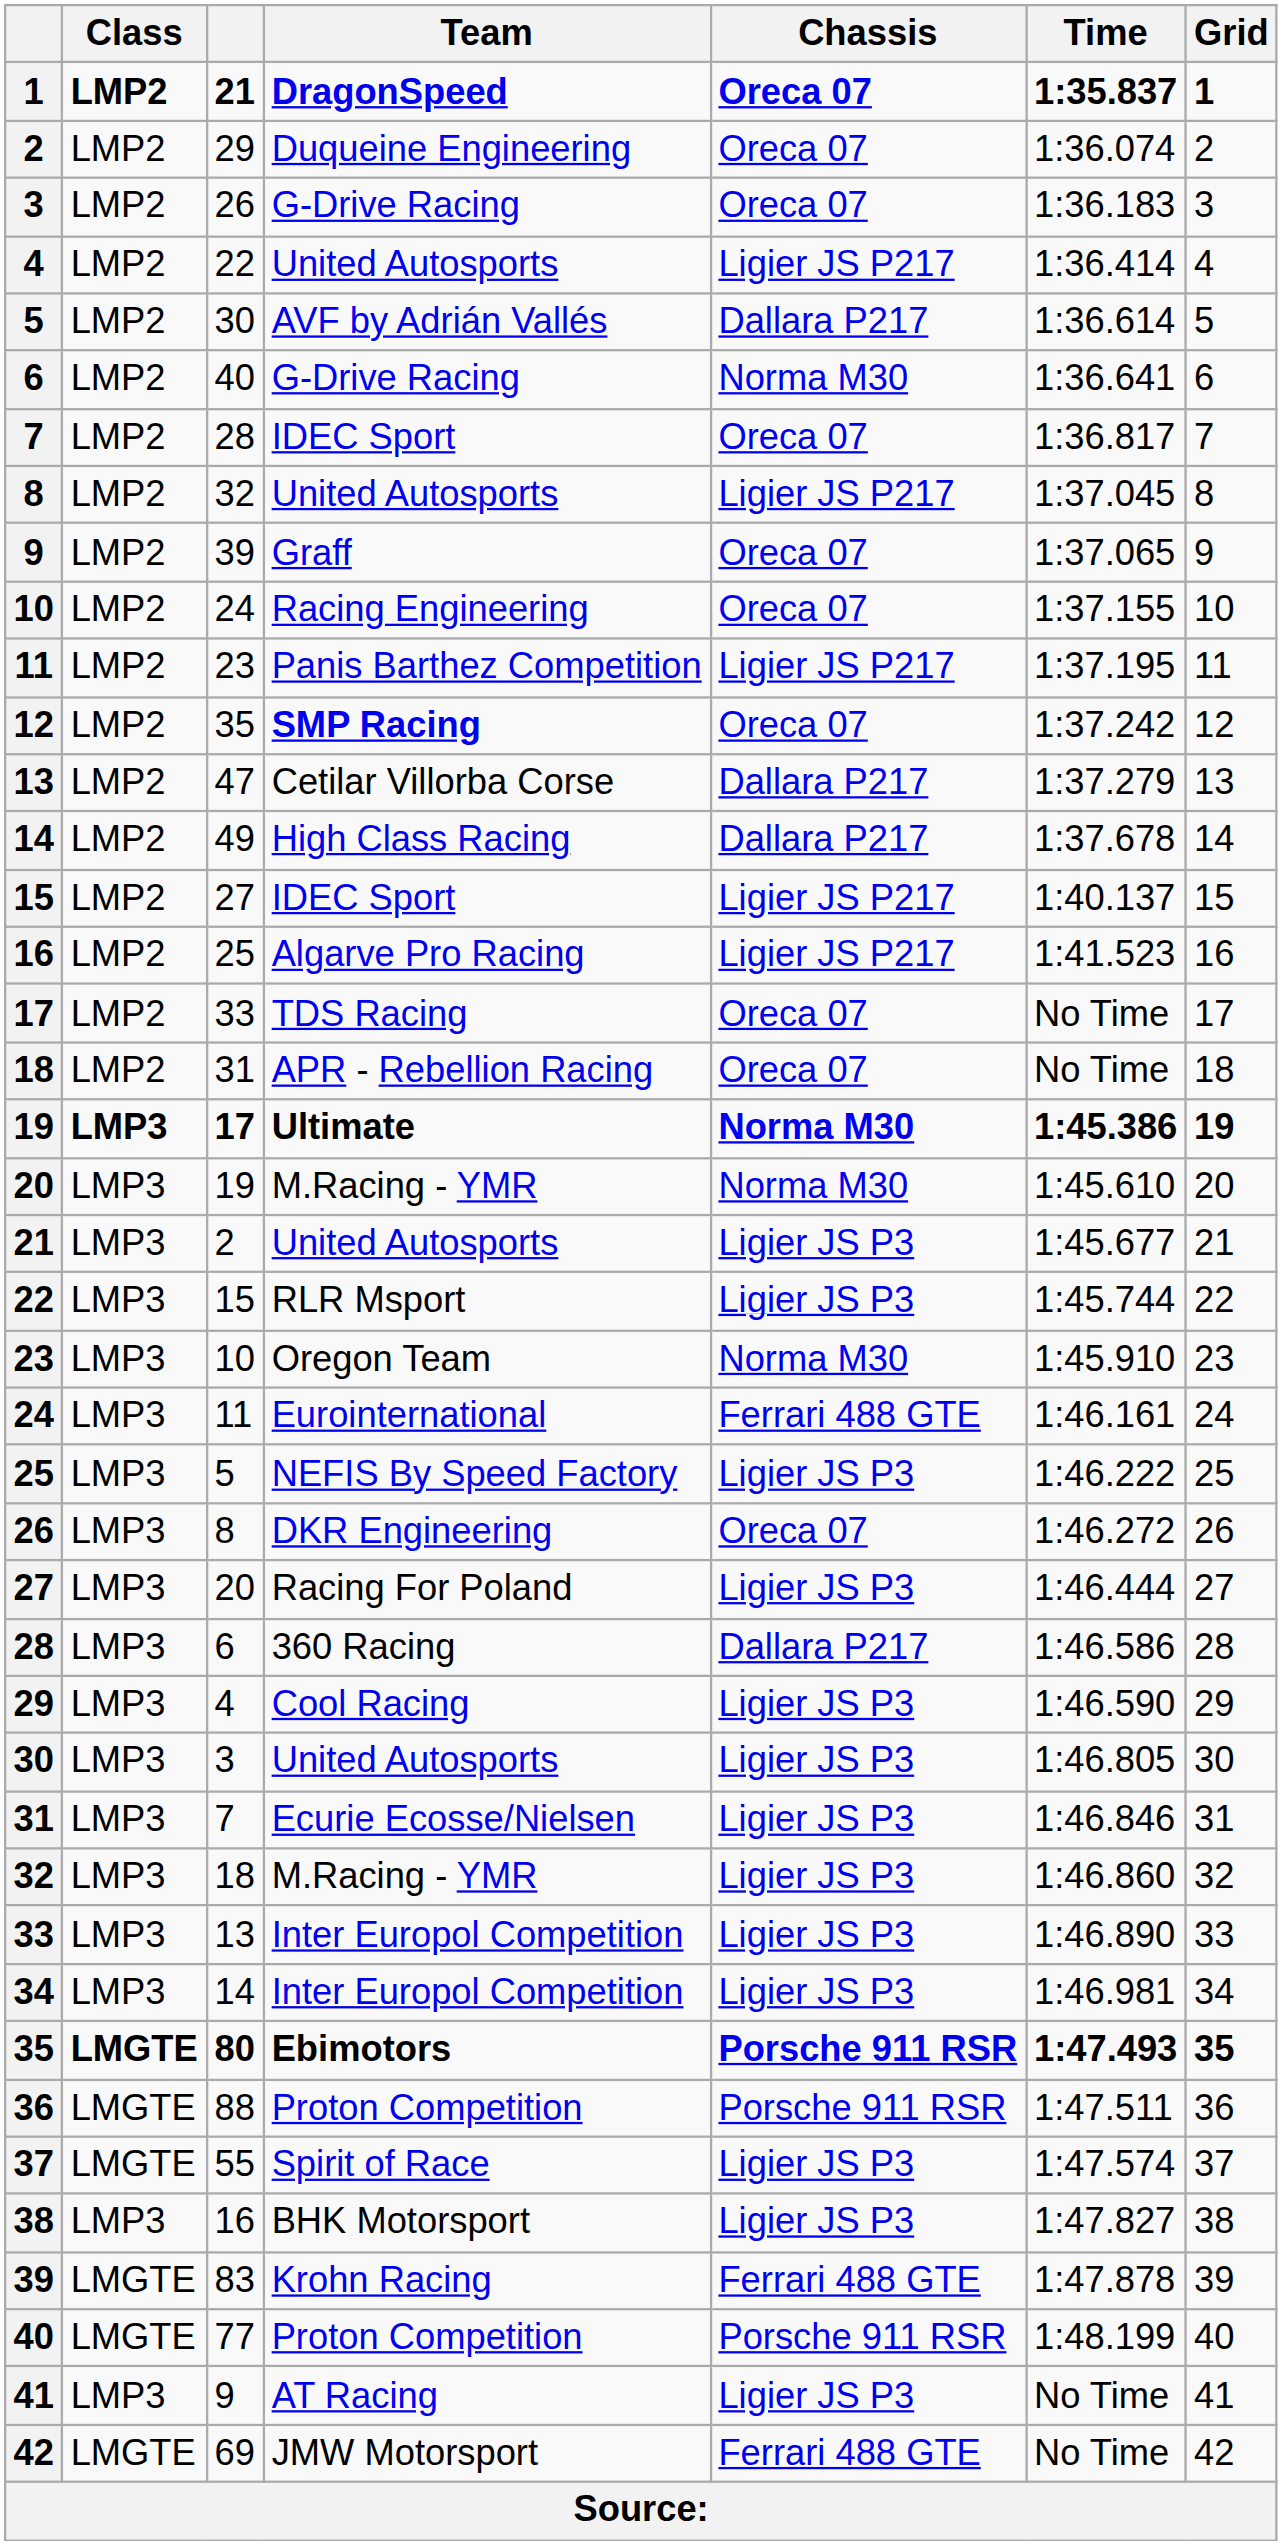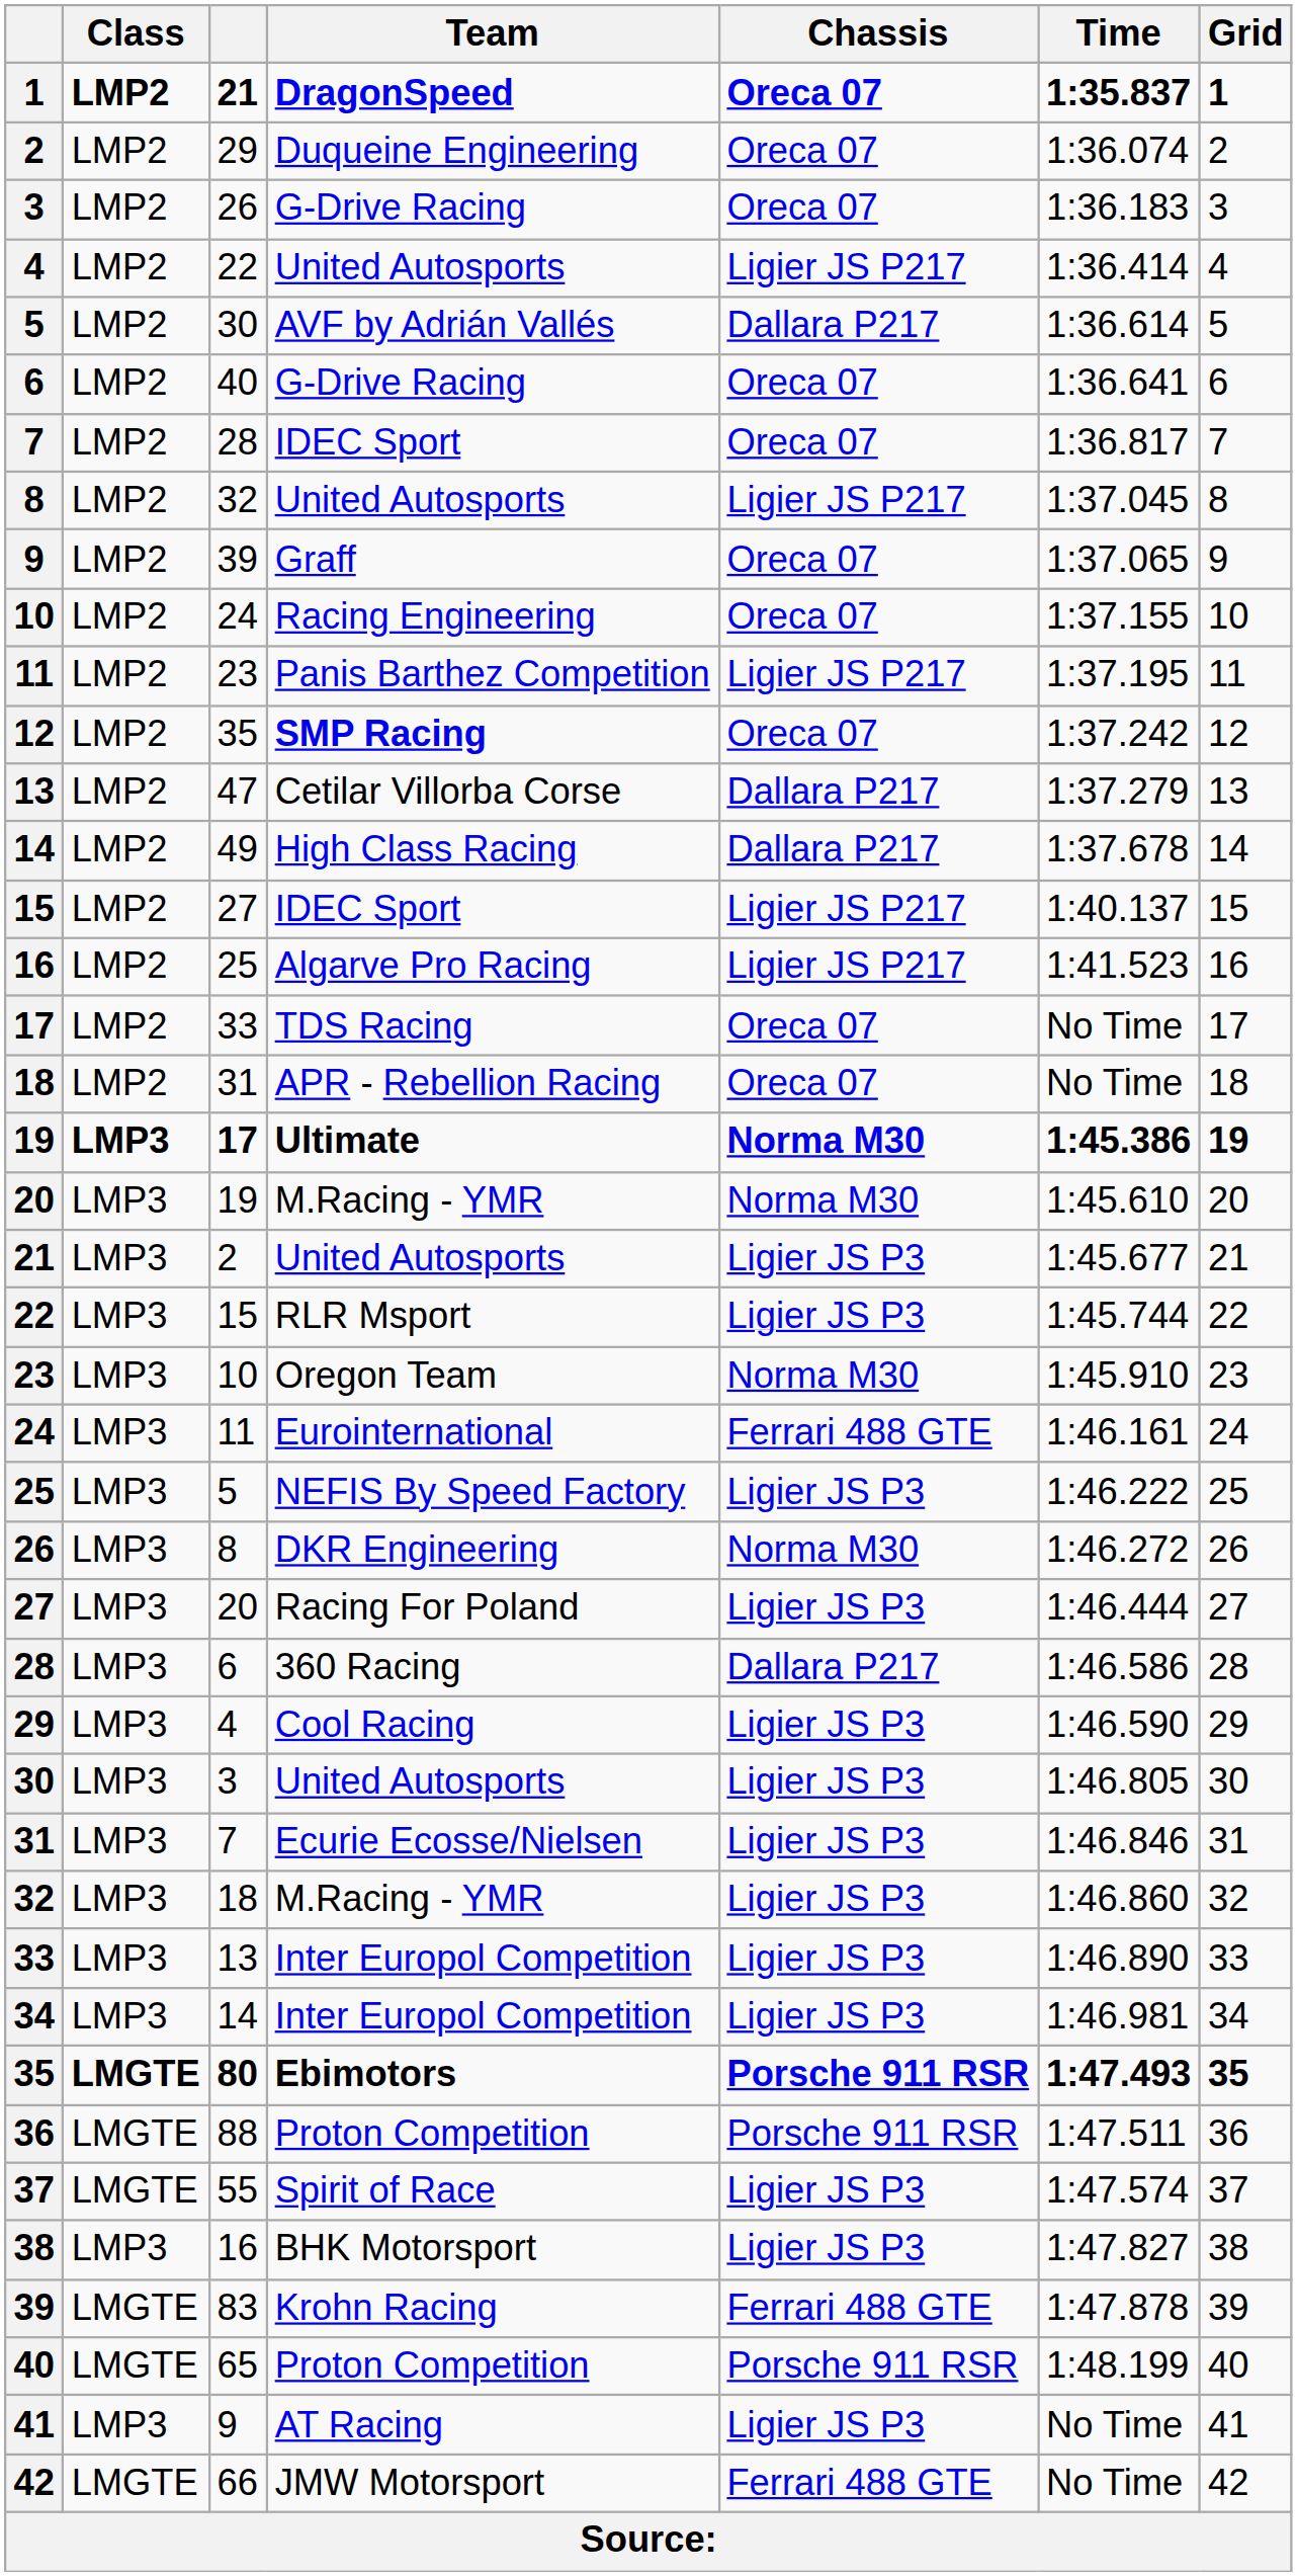 <table class="wikitable">
 <tr>
 <th></th>
 <th>Class</th>
 <th></th>
 <th>Team</th>
 <th>Chassis</th>
 <th>Time</th>
 <th>Grid</th>
 </tr>
 <tr style="font-weight:bold">
 <th>1</th>
 <td>LMP2</td>
 <td>21</td>
 <td> <a href='#'>DragonSpeed</a></td>
 <td><a href='#'>Oreca 07</a></td>
 <td>1:35.837</td>
 <td>1</td>
 </tr>
 <tr>
 <th>2</th>
 <td>LMP2</td>
 <td>29</td>
 <td> <a href='#'>Duqueine Engineering</a></td>
 <td><a href='#'>Oreca 07</a></td>
 <td>1:36.074</td>
 <td>2</td>
 </tr>
 <tr>
 <th>3</th>
 <td>LMP2</td>
 <td>26</td>
 <td> <a href='#'>G-Drive Racing</a></td>
 <td><a href='#'>Oreca 07</a></td>
 <td>1:36.183</td>
 <td>3</td>
 </tr>
 <tr>
 <th>4</th>
 <td>LMP2</td>
 <td>22</td>
 <td> <a href='#'>United Autosports</a></td>
 <td><a href='#'>Ligier JS P217</a></td>
 <td>1:36.414</td>
 <td>4</td>
 </tr>
 <tr>
 <th>5</th>
 <td>LMP2</td>
 <td>30</td>
 <td> <a href='#'>AVF by Adrián Vallés</a></td>
 <td><a href='#'>Dallara P217</a></td>
 <td>1:36.614</td>
 <td>5</td>
 </tr>
 <tr>
 <th>6</th>
 <td>LMP2</td>
 <td>40</td>
 <td> <a href='#'>G-Drive Racing</a></td>
-<td><a href='#'>Norma M30</a></td>
+<td><a href='#'>Oreca 07</a></td>
 <td>1:36.641</td>
 <td>6</td>
 </tr>
 <tr>
 <th>7</th>
 <td>LMP2</td>
 <td>28</td>
 <td> <a href='#'>IDEC Sport</a></td>
 <td><a href='#'>Oreca 07</a></td>
 <td>1:36.817</td>
 <td>7</td>
 </tr>
 <tr>
 <th>8</th>
 <td>LMP2</td>
 <td>32</td>
 <td> <a href='#'>United Autosports</a></td>
 <td><a href='#'>Ligier JS P217</a></td>
 <td>1:37.045</td>
 <td>8</td>
 </tr>
 <tr>
 <th>9</th>
 <td>LMP2</td>
 <td>39</td>
 <td> <a href='#'>Graff</a></td>
 <td><a href='#'>Oreca 07</a></td>
 <td>1:37.065</td>
 <td>9</td>
 </tr>
 <tr>
 <th>10</th>
 <td>LMP2</td>
 <td>24</td>
 <td> <a href='#'>Racing Engineering</a></td>
 <td><a href='#'>Oreca 07</a></td>
 <td>1:37.155</td>
 <td>10</td>
 </tr>
 <tr>
 <th>11</th>
 <td>LMP2</td>
 <td>23</td>
 <td> <a href='#'>Panis Barthez Competition</a></td>
 <td><a href='#'>Ligier JS P217</a></td>
 <td>1:37.195</td>
 <td>11</td>
 </tr>
 <tr>
 <th>12</th>
 <td>LMP2</td>
 <td>35</td>
 <td><strong> <a href='#'>SMP Racing</a></strong></td>
 <td><a href='#'>Oreca 07</a></td>
 <td>1:37.242</td>
 <td>12</td>
 </tr>
 <tr>
 <th>13</th>
 <td>LMP2</td>
 <td>47</td>
 <td> Cetilar Villorba Corse</td>
 <td><a href='#'>Dallara P217</a></td>
 <td>1:37.279</td>
 <td>13</td>
 </tr>
 <tr>
 <th>14</th>
 <td>LMP2</td>
 <td>49</td>
 <td> <a href='#'>High Class Racing</a></td>
 <td><a href='#'>Dallara P217</a></td>
 <td>1:37.678</td>
 <td>14</td>
 </tr>
 <tr>
 <th>15</th>
 <td>LMP2</td>
 <td>27</td>
 <td> <a href='#'>IDEC Sport</a></td>
 <td><a href='#'>Ligier JS P217</a></td>
 <td>1:40.137</td>
 <td>15</td>
 </tr>
 <tr>
 <th>16</th>
 <td>LMP2</td>
 <td>25</td>
 <td> <a href='#'>Algarve Pro Racing</a></td>
 <td><a href='#'>Ligier JS P217</a></td>
 <td>1:41.523</td>
 <td>16</td>
 </tr>
 <tr>
 <th>17</th>
 <td>LMP2</td>
 <td>33</td>
 <td> <a href='#'>TDS Racing</a></td>
 <td><a href='#'>Oreca 07</a></td>
 <td>No Time</td>
 <td>17</td>
 </tr>
 <tr>
 <th>18</th>
 <td>LMP2</td>
 <td>31</td>
 <td> <a href='#'>APR</a> - <a href='#'>Rebellion Racing</a></td>
 <td><a href='#'>Oreca 07</a></td>
 <td>No Time</td>
 <td>18</td>
 </tr>
 <tr style="font-weight:bold">
 <th>19</th>
 <td>LMP3</td>
 <td>17</td>
 <td> Ultimate</td>
 <td><a href='#'>Norma M30</a></td>
 <td>1:45.386</td>
 <td>19</td>
 </tr>
 <tr>
 <th>20</th>
 <td>LMP3</td>
 <td>19</td>
 <td> M.Racing - <a href='#'>YMR</a></td>
 <td><a href='#'>Norma M30</a></td>
 <td>1:45.610</td>
 <td>20</td>
 </tr>
 <tr>
 <th>21</th>
 <td>LMP3</td>
 <td>2</td>
 <td> <a href='#'>United Autosports</a></td>
 <td><a href='#'>Ligier JS P3</a></td>
 <td>1:45.677</td>
 <td>21</td>
 </tr>
 <tr>
 <th>22</th>
 <td>LMP3</td>
 <td>15</td>
 <td> RLR Msport</td>
 <td><a href='#'>Ligier JS P3</a></td>
 <td>1:45.744</td>
 <td>22</td>
 </tr>
 <tr>
 <th>23</th>
 <td>LMP3</td>
 <td>10</td>
 <td> Oregon Team</td>
 <td><a href='#'>Norma M30</a></td>
 <td>1:45.910</td>
 <td>23</td>
 </tr>
 <tr>
 <th>24</th>
 <td>LMP3</td>
 <td>11</td>
 <td> <a href='#'>Eurointernational</a></td>
 <td><a href='#'>Ferrari 488 GTE</a></td>
 <td>1:46.161</td>
 <td>24</td>
 </tr>
 <tr>
 <th>25</th>
 <td>LMP3</td>
 <td>5</td>
 <td> <a href='#'>NEFIS By Speed Factory</a></td>
 <td><a href='#'>Ligier JS P3</a></td>
 <td>1:46.222</td>
 <td>25</td>
 </tr>
 <tr>
 <th>26</th>
 <td>LMP3</td>
 <td>8</td>
 <td> <a href='#'>DKR Engineering</a></td>
-<td><a href='#'>Oreca 07</a></td>
+<td><a href='#'>Norma M30</a></td>
 <td>1:46.272</td>
 <td>26</td>
 </tr>
 <tr>
 <th>27</th>
 <td>LMP3</td>
 <td>20</td>
 <td> Racing For Poland</td>
 <td><a href='#'>Ligier JS P3</a></td>
 <td>1:46.444</td>
 <td>27</td>
 </tr>
 <tr>
 <th>28</th>
 <td>LMP3</td>
 <td>6</td>
 <td> 360 Racing</td>
 <td><a href='#'>Dallara P217</a></td>
 <td>1:46.586</td>
 <td>28</td>
 </tr>
 <tr>
 <th>29</th>
 <td>LMP3</td>
 <td>4</td>
 <td> <a href='#'>Cool Racing</a></td>
 <td><a href='#'>Ligier JS P3</a></td>
 <td>1:46.590</td>
 <td>29</td>
 </tr>
 <tr>
 <th>30</th>
 <td>LMP3</td>
 <td>3</td>
 <td> <a href='#'>United Autosports</a></td>
 <td><a href='#'>Ligier JS P3</a></td>
 <td>1:46.805</td>
 <td>30</td>
 </tr>
 <tr>
 <th>31</th>
 <td>LMP3</td>
 <td>7</td>
 <td> <a href='#'>Ecurie Ecosse/Nielsen</a></td>
 <td><a href='#'>Ligier JS P3</a></td>
 <td>1:46.846</td>
 <td>31</td>
 </tr>
 <tr>
 <th>32</th>
 <td>LMP3</td>
 <td>18</td>
 <td> M.Racing - <a href='#'>YMR</a></td>
 <td><a href='#'>Ligier JS P3</a></td>
 <td>1:46.860</td>
 <td>32</td>
 </tr>
 <tr>
 <th>33</th>
 <td>LMP3</td>
 <td>13</td>
 <td> <a href='#'>Inter Europol Competition</a></td>
 <td><a href='#'>Ligier JS P3</a></td>
 <td>1:46.890</td>
 <td>33</td>
 </tr>
 <tr>
 <th>34</th>
 <td>LMP3</td>
 <td>14</td>
 <td> <a href='#'>Inter Europol Competition</a></td>
 <td><a href='#'>Ligier JS P3</a></td>
 <td>1:46.981</td>
 <td>34</td>
 </tr>
 <tr style="font-weight:bold">
 <th>35</th>
 <td>LMGTE</td>
 <td>80</td>
 <td> Ebimotors</td>
 <td><a href='#'>Porsche 911 RSR</a></td>
 <td>1:47.493</td>
 <td>35</td>
 </tr>
 <tr>
 <th>36</th>
 <td>LMGTE</td>
 <td>88</td>
 <td> <a href='#'>Proton Competition</a></td>
 <td><a href='#'>Porsche 911 RSR</a></td>
 <td>1:47.511</td>
 <td>36</td>
 </tr>
 <tr>
 <th>37</th>
 <td>LMGTE</td>
 <td>55</td>
 <td> <a href='#'>Spirit of Race</a></td>
 <td><a href='#'>Ligier JS P3</a></td>
 <td>1:47.574</td>
 <td>37</td>
 </tr>
 <tr>
 <th>38</th>
 <td>LMP3</td>
 <td>16</td>
 <td> BHK Motorsport</td>
 <td><a href='#'>Ligier JS P3</a></td>
 <td>1:47.827</td>
 <td>38</td>
 </tr>
 <tr>
 <th>39</th>
 <td>LMGTE</td>
 <td>83</td>
 <td> <a href='#'>Krohn Racing</a></td>
 <td><a href='#'>Ferrari 488 GTE</a></td>
 <td>1:47.878</td>
 <td>39</td>
 </tr>
 <tr>
 <th>40</th>
 <td>LMGTE</td>
-<td>77</td>
+<td>65</td>
 <td> <a href='#'>Proton Competition</a></td>
 <td><a href='#'>Porsche 911 RSR</a></td>
 <td>1:48.199</td>
 <td>40</td>
 </tr>
 <tr>
 <th>41</th>
 <td>LMP3</td>
 <td>9</td>
 <td> <a href='#'>AT Racing</a></td>
 <td><a href='#'>Ligier JS P3</a></td>
 <td>No Time</td>
 <td>41</td>
 </tr>
 <tr>
 <th>42</th>
 <td>LMGTE</td>
-<td>69</td>
+<td>66</td>
 <td> JMW Motorsport</td>
 <td><a href='#'>Ferrari 488 GTE</a></td>
 <td>No Time</td>
 <td>42</td>
 </tr>
 <tr>
 <th colspan="7">Source:</th>
 </tr>
 </table>
